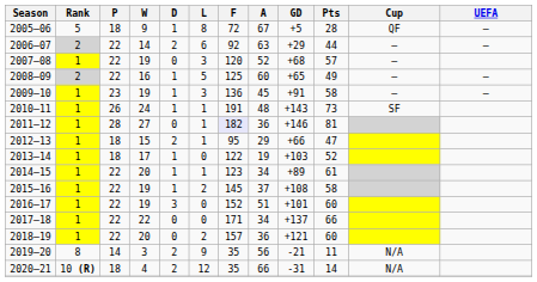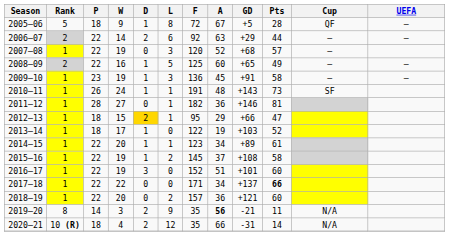 <table class="wikitable sortable" style="width:700px; text-align:center;">
 <tr>
 <th style="width:40px;">Season</th>
 <th style="width:40px;">Rank</th>
 <th style="width:25px;">P</th>
 <th style="width:25px;">W</th>
 <th style="width:25px;">D</th>
 <th style="width:25px;">L</th>
 <th style="width:25px;">F</th>
 <th style="width:25px;">A</th>
 <th style="width:30px;">GD</th>
 <th style="width:30px;">Pts</th>
 <th style="width:90px;">Cup</th>
 <th style="width:90px;"><a href='#'>UEFA</a></th>
 </tr>
 <tr>
 <td>2005–06</td>
 <td>5</td>
 <td>18</td>
 <td>9</td>
 <td>1</td>
 <td>8</td>
 <td>72</td>
 <td>67</td>
 <td>+5</td>
 <td>28</td>
 <td>QF</td>
 <td>—</td>
 </tr>
 <tr>
 <td>2006–07</td>
 <td style="background:lightgray;">2</td>
 <td>22</td>
 <td>14</td>
 <td>2</td>
 <td>6</td>
 <td>92</td>
 <td>63</td>
 <td>+29</td>
 <td>44</td>
 <td>—</td>
 <td>—</td>
 </tr>
 <tr>
 <td>2007–08</td>
 <td style="background:yellow;">1</td>
 <td>22</td>
 <td>19</td>
 <td>0</td>
 <td>3</td>
 <td>120</td>
 <td>52</td>
 <td>+68</td>
 <td>57</td>
 <td>—</td>
 <td></td>
 </tr>
 <tr>
 <td>2008–09</td>
 <td style="background:lightgray;">2</td>
 <td>22</td>
 <td>16</td>
 <td>1</td>
 <td>5</td>
 <td>125</td>
 <td>60</td>
 <td>+65</td>
 <td>49</td>
 <td>—</td>
 <td>—</td>
 </tr>
 <tr>
 <td>2009–10</td>
 <td style="background:yellow;">1</td>
 <td>23</td>
 <td>19</td>
 <td>1</td>
 <td>3</td>
 <td>136</td>
 <td>45</td>
 <td>+91</td>
 <td>58</td>
 <td>—</td>
 <td>—</td>
 </tr>
 <tr>
 <td>2010–11</td>
 <td style="background:yellow;">1</td>
 <td>26</td>
 <td>24</td>
 <td>1</td>
 <td>1</td>
 <td>191</td>
 <td>48</td>
 <td>+143</td>
 <td>73</td>
 <td>SF</td>
 <td></td>
 </tr>
 <tr>
 <td>2011–12</td>
 <td style="background:yellow;">1</td>
 <td>28</td>
 <td>27</td>
 <td>0</td>
 <td>1</td>
-<td style="background: lavender;">182</td>
+<td>182</td>
 <td>36</td>
 <td>+146</td>
 <td>81</td>
 <td style="background:lightgray;"></td>
 <td></td>
 </tr>
 <tr>
 <td>2012–13</td>
 <td style="background:yellow;">1</td>
 <td>18</td>
 <td>15</td>
-<td>2</td>
+<td style="background: gold;">2</td>
 <td>1</td>
 <td>95</td>
 <td>29</td>
 <td>+66</td>
 <td>47</td>
 <td style="background:yellow;"></td>
 <td></td>
 </tr>
 <tr>
 <td>2013–14</td>
 <td style="background:yellow;">1</td>
 <td>18</td>
 <td>17</td>
 <td>1</td>
 <td>0</td>
 <td>122</td>
 <td>19</td>
 <td>+103</td>
 <td>52</td>
 <td style="background:yellow;"></td>
 <td></td>
 </tr>
 <tr>
 <td>2014–15</td>
 <td style="background:yellow;">1</td>
 <td>22</td>
 <td>20</td>
 <td>1</td>
 <td>1</td>
 <td>123</td>
 <td>34</td>
 <td>+89</td>
 <td>61</td>
 <td style="background:lightgray;"></td>
 <td></td>
 </tr>
 <tr>
 <td>2015–16</td>
 <td style="background:yellow;">1</td>
 <td>22</td>
 <td>19</td>
 <td>1</td>
 <td>2</td>
 <td>145</td>
 <td>37</td>
 <td>+108</td>
 <td>58</td>
 <td style="background:lightgray;"></td>
 <td></td>
 </tr>
 <tr>
 <td>2016–17</td>
 <td style="background:yellow;">1</td>
 <td>22</td>
 <td>19</td>
 <td>3</td>
 <td>0</td>
 <td>152</td>
 <td>51</td>
 <td>+101</td>
 <td>60</td>
 <td style="background:yellow;"></td>
 <td></td>
 </tr>
 <tr>
 <td>2017–18</td>
 <td style="background:yellow;">1</td>
 <td>22</td>
 <td>22</td>
 <td>0</td>
 <td>0</td>
 <td>171</td>
 <td>34</td>
 <td>+137</td>
-<td>66</td>
+<td><strong>66</strong></td>
 <td style="background:yellow;"></td>
 <td></td>
 </tr>
 <tr>
 <td>2018–19</td>
 <td style="background:yellow;">1</td>
 <td>22</td>
 <td>20</td>
 <td>0</td>
 <td>2</td>
 <td>157</td>
 <td>36</td>
 <td>+121</td>
 <td>60</td>
 <td style="background:yellow;"></td>
 <td></td>
 </tr>
 <tr>
 <td>2019–20</td>
 <td>8</td>
 <td>14</td>
 <td>3</td>
 <td>2</td>
 <td>9</td>
 <td>35</td>
-<td>56</td>
+<td><strong>56</strong></td>
 <td>-21</td>
 <td>11</td>
 <td>N/A</td>
 <td></td>
 </tr>
 <tr>
 <td>2020–21</td>
 <td>10 <strong>(R)</strong></td>
 <td>18</td>
 <td>4</td>
 <td>2</td>
 <td>12</td>
 <td>35</td>
 <td>66</td>
 <td>-31</td>
 <td>14</td>
 <td>N/A</td>
 <td></td>
 </tr>
 <tr>
 </tr>
 </table>
